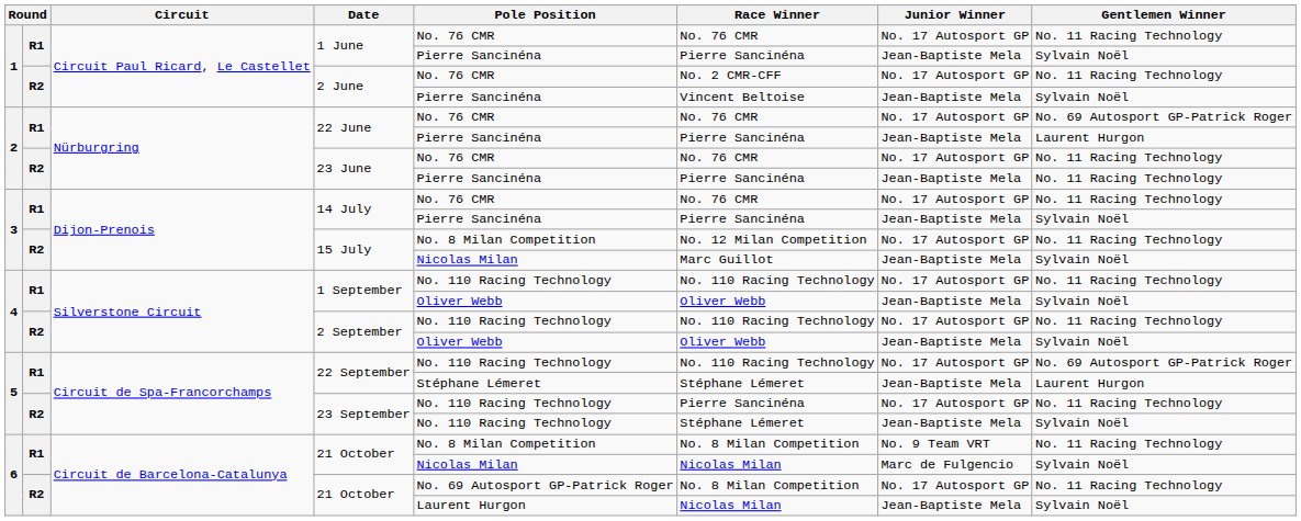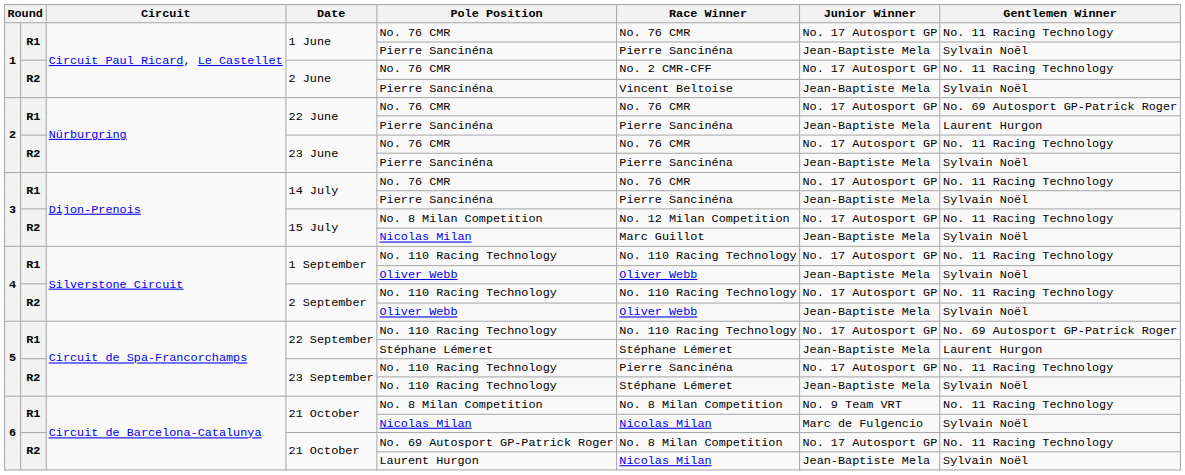 <table class="wikitable" style="font-size: 85%;">
 <tr>
 <th colspan="2">Round</th>
 <th>Circuit</th>
 <th>Date</th>
 <th>Pole Position</th>
 <th>Race Winner</th>
 <th>Junior Winner</th>
 <th>Gentlemen Winner</th>
 </tr>
 <tr>
 <th rowspan="4">1</th>
 <th rowspan="2">R1</th>
 <td rowspan="4"> <a href='#'>Circuit Paul Ricard</a>, <a href='#'>Le Castellet</a></td>
 <td rowspan="2">1 June</td>
 <td> No. 76 CMR</td>
 <td> No. 76 CMR</td>
 <td> No. 17 Autosport GP</td>
 <td> No. 11 Racing Technology</td>
 </tr>
 <tr>
 <td> Pierre Sancinéna</td>
 <td> Pierre Sancinéna</td>
 <td> Jean-Baptiste Mela</td>
 <td> Sylvain Noël</td>
 </tr>
 <tr>
 <th rowspan="2">R2</th>
 <td rowspan="2">2 June</td>
 <td> No. 76 CMR</td>
 <td> No. 2 CMR-CFF</td>
 <td> No. 17 Autosport GP</td>
 <td> No. 11 Racing Technology</td>
 </tr>
 <tr>
 <td> Pierre Sancinéna</td>
 <td> Vincent Beltoise</td>
 <td> Jean-Baptiste Mela</td>
 <td> Sylvain Noël</td>
 </tr>
 <tr>
 <th rowspan="4">2</th>
 <th rowspan="2">R1</th>
 <td rowspan="4"> <a href='#'>Nürburgring</a></td>
 <td rowspan="2">22 June</td>
 <td> No. 76 CMR</td>
 <td> No. 76 CMR</td>
 <td> No. 17 Autosport GP</td>
 <td> No. 69 Autosport GP-Patrick Roger</td>
 </tr>
 <tr>
 <td> Pierre Sancinéna</td>
 <td> Pierre Sancinéna</td>
 <td> Jean-Baptiste Mela</td>
 <td> Laurent Hurgon</td>
 </tr>
 <tr>
 <th rowspan="2">R2</th>
 <td rowspan="2">23 June</td>
 <td> No. 76 CMR</td>
 <td> No. 76 CMR</td>
 <td> No. 17 Autosport GP</td>
 <td> No. 11 Racing Technology</td>
 </tr>
 <tr>
 <td> Pierre Sancinéna</td>
 <td> Pierre Sancinéna</td>
 <td> Jean-Baptiste Mela</td>
-<td> No. 11 Racing Technology</td>
+<td> Sylvain Noël</td>
 </tr>
 <tr>
 <th rowspan="4">3</th>
 <th rowspan="2">R1</th>
 <td rowspan="4"> <a href='#'>Dijon-Prenois</a></td>
 <td rowspan="2">14 July</td>
 <td> No. 76 CMR</td>
 <td> No. 76 CMR</td>
 <td> No. 17 Autosport GP</td>
 <td> No. 11 Racing Technology</td>
 </tr>
 <tr>
 <td> Pierre Sancinéna</td>
 <td> Pierre Sancinéna</td>
 <td> Jean-Baptiste Mela</td>
 <td> Sylvain Noël</td>
 </tr>
 <tr>
 <th rowspan="2">R2</th>
 <td rowspan="2">15 July</td>
 <td> No. 8 Milan Competition</td>
 <td> No. 12 Milan Competition</td>
 <td> No. 17 Autosport GP</td>
 <td> No. 11 Racing Technology</td>
 </tr>
 <tr>
 <td> <a href='#'>Nicolas Milan</a></td>
 <td> Marc Guillot</td>
 <td> Jean-Baptiste Mela</td>
 <td> Sylvain Noël</td>
 </tr>
 <tr>
 <th rowspan="4">4</th>
 <th rowspan="2">R1</th>
 <td rowspan="4"> <a href='#'>Silverstone Circuit</a></td>
 <td rowspan="2">1 September</td>
 <td> No. 110 Racing Technology</td>
 <td> No. 110 Racing Technology</td>
 <td> No. 17 Autosport GP</td>
 <td> No. 11 Racing Technology</td>
 </tr>
 <tr>
 <td> <a href='#'>Oliver Webb</a></td>
 <td> <a href='#'>Oliver Webb</a></td>
 <td> Jean-Baptiste Mela</td>
 <td> Sylvain Noël</td>
 </tr>
 <tr>
 <th rowspan="2">R2</th>
 <td rowspan="2">2 September</td>
 <td> No. 110 Racing Technology</td>
 <td> No. 110 Racing Technology</td>
 <td> No. 17 Autosport GP</td>
 <td> No. 11 Racing Technology</td>
 </tr>
 <tr>
 <td> <a href='#'>Oliver Webb</a></td>
 <td> <a href='#'>Oliver Webb</a></td>
 <td> Jean-Baptiste Mela</td>
 <td> Sylvain Noël</td>
 </tr>
 <tr>
 <th rowspan="4">5</th>
 <th rowspan="2">R1</th>
 <td rowspan="4"> <a href='#'>Circuit de Spa-Francorchamps</a></td>
 <td rowspan="2">22 September</td>
 <td> No. 110 Racing Technology</td>
 <td> No. 110 Racing Technology</td>
 <td> No. 17 Autosport GP</td>
 <td> No. 69 Autosport GP-Patrick Roger</td>
 </tr>
 <tr>
 <td> Stéphane Lémeret</td>
 <td> Stéphane Lémeret</td>
 <td> Jean-Baptiste Mela</td>
 <td> Laurent Hurgon</td>
 </tr>
 <tr>
 <th rowspan="2">R2</th>
 <td rowspan="2">23 September</td>
 <td> No. 110 Racing Technology</td>
 <td> Pierre Sancinéna</td>
 <td> No. 17 Autosport GP</td>
 <td> No. 11 Racing Technology</td>
 </tr>
 <tr>
 <td> No. 110 Racing Technology</td>
 <td> Stéphane Lémeret</td>
 <td> Jean-Baptiste Mela</td>
 <td> Sylvain Noël</td>
 </tr>
 <tr>
 <th rowspan="4">6</th>
 <th rowspan="2">R1</th>
 <td rowspan="4"> <a href='#'>Circuit de Barcelona-Catalunya</a></td>
 <td rowspan="2">21 October</td>
 <td> No. 8 Milan Competition</td>
 <td> No. 8 Milan Competition</td>
 <td> No. 9 Team VRT</td>
 <td> No. 11 Racing Technology</td>
 </tr>
 <tr>
 <td> <a href='#'>Nicolas Milan</a></td>
 <td> <a href='#'>Nicolas Milan</a></td>
 <td> Marc de Fulgencio</td>
 <td> Sylvain Noël</td>
 </tr>
 <tr>
 <th rowspan="2">R2</th>
 <td rowspan="2">21 October</td>
 <td> No. 69 Autosport GP-Patrick Roger</td>
 <td> No. 8 Milan Competition</td>
 <td> No. 17 Autosport GP</td>
 <td> No. 11 Racing Technology</td>
 </tr>
 <tr>
 <td> Laurent Hurgon</td>
 <td> <a href='#'>Nicolas Milan</a></td>
 <td> Jean-Baptiste Mela</td>
 <td> Sylvain Noël</td>
 </tr>
 </table>
